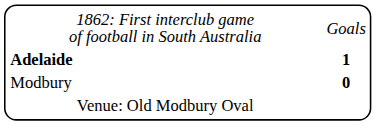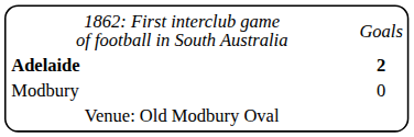 <table style="margin-right:4px; margin-top:8px; float:left; border:1px #000 solid; border-radius:8px; background:#fff; font-family:Verdana; font-size:8pt; text-align:center;">
 <tr>
 <td width=200><em>1862: First interclub game <br>of football in South Australia</em></td>
 <td><em>Goals</em></td>
 </tr>
 <tr>
 <td style="text-align:left"><strong> Adelaide</strong></td>
-<td><strong>1</strong></td>
+<td><strong>2</strong></td>
 </tr>
 <tr>
 <td style="text-align:left">Modbury</td>
-<td><strong>0</strong></td>
+<td>0</td>
 </tr>
 <tr>
 <td>Venue: Old Modbury Oval</td>
 <td colspan=3></td>
 </tr>
 </table>
